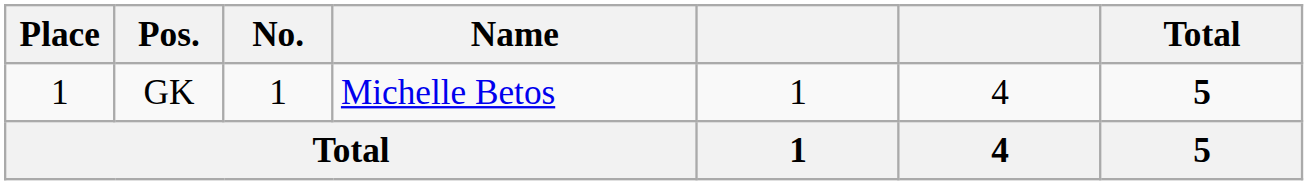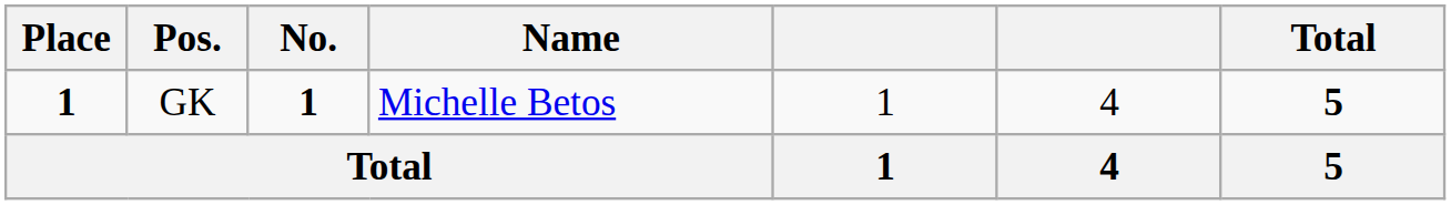 <table class="wikitable sortable" style="font-size: 95%; text-align: center;">
 <tr>
 <th width=40>Place</th>
 <th width=40>Pos.</th>
 <th width=40>No.</th>
 <th width=150>Name</th>
 <th width=80></th>
 <th width=80></th>
 <th width=80><strong>Total</strong></th>
 </tr>
 <tr>
-<td>1</td>
+<td><strong>1</strong></td>
 <td>GK</td>
-<td>1</td>
+<td><strong>1</strong></td>
 <td align="left"> <a href='#'>Michelle Betos</a></td>
 <td>1</td>
 <td>4</td>
 <td><strong>5</strong></td>
 </tr>
 <tr>
 <th colspan="4">Total</th>
 <th>1</th>
 <th>4</th>
 <th>5</th>
 </tr>
 </table>
